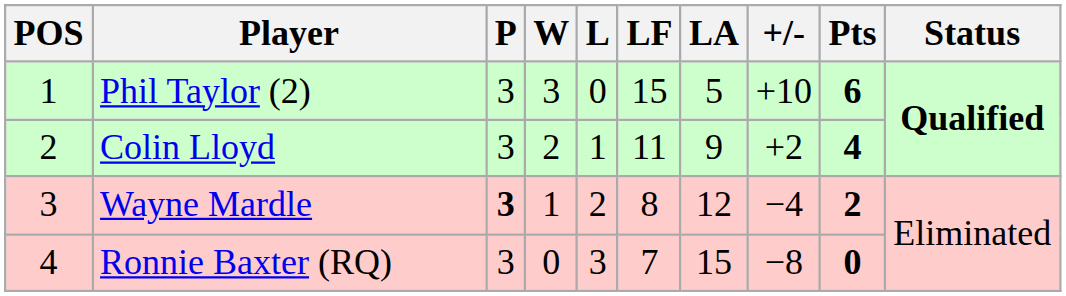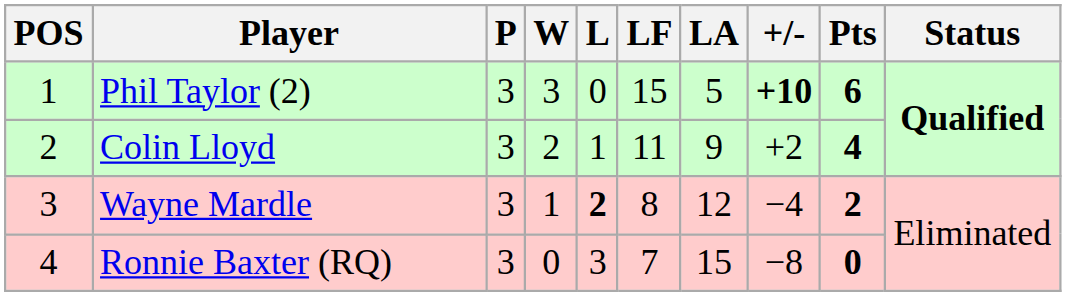 <table class="wikitable" style="text-align:center; margin: 1em auto 1em auto, align:left">
 <tr>
 <th width=20>POS</th>
 <th width=168>Player</th>
 <th width=3>P</th>
 <th width=3>W</th>
 <th width=3>L</th>
 <th width=20>LF</th>
 <th width=20>LA</th>
 <th width=20>+/-</th>
 <th width=20>Pts</th>
 <th width=70>Status</th>
 </tr>
 <tr style="background:#CCFFCC;">
 <td>1</td>
 <td style="text-align:left;"> <a href='#'>Phil Taylor</a> (2)</td>
 <td>3</td>
 <td>3</td>
 <td>0</td>
 <td>15</td>
 <td>5</td>
-<td>+10</td>
+<td><strong>+10</strong></td>
 <td><strong>6</strong></td>
 <td rowspan=2><strong>Qualified</strong></td>
 </tr>
 <tr style="background:#CCFFCC;">
 <td>2</td>
 <td style="text-align:left;"> <a href='#'>Colin Lloyd</a></td>
 <td>3</td>
 <td>2</td>
 <td>1</td>
 <td>11</td>
 <td>9</td>
 <td>+2</td>
 <td><strong>4</strong></td>
 </tr>
 <tr style="background:#FFCCCC;">
 <td>3</td>
 <td style="text-align:left;"> <a href='#'>Wayne Mardle</a></td>
-<td><strong>3</strong></td>
+<td>3</td>
 <td>1</td>
-<td>2</td>
+<td><strong>2</strong></td>
 <td>8</td>
 <td>12</td>
 <td>−4</td>
 <td><strong>2</strong></td>
 <td rowspan=2>Eliminated</td>
 </tr>
 <tr style="background:#FFCCCC;">
 <td>4</td>
 <td style="text-align:left;"> <a href='#'>Ronnie Baxter</a> (RQ)</td>
 <td>3</td>
 <td>0</td>
 <td>3</td>
 <td>7</td>
 <td>15</td>
 <td>−8</td>
 <td><strong>0</strong></td>
 </tr>
 </table>
